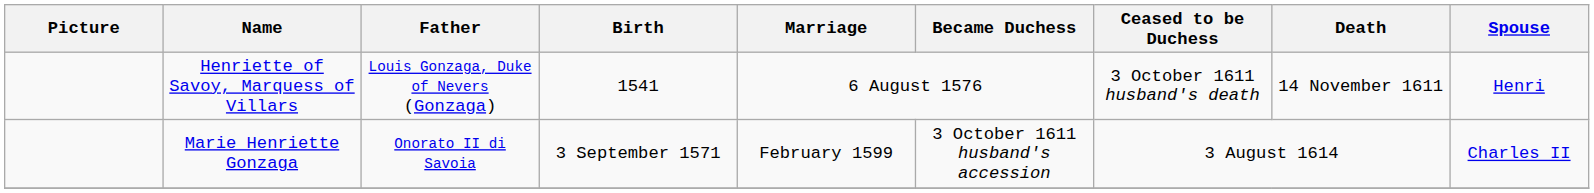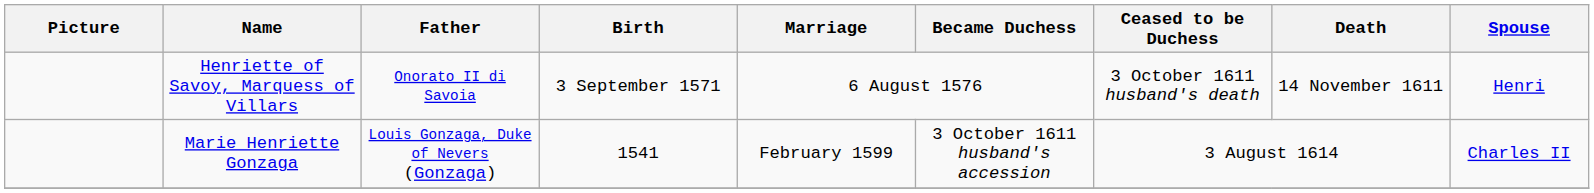 <table width=95% class="wikitable">
 <tr>
 <th width = "8%">Picture</th>
 <th width = "10%">Name</th>
 <th width = "9%">Father</th>
 <th width = "10%">Birth</th>
 <th width = "9%">Marriage</th>
 <th width = "9%">Became Duchess</th>
 <th width = "9%">Ceased to be Duchess</th>
 <th width = "9%">Death</th>
 <th width = "7%"><a href='#'>Spouse</a></th>
 </tr>
 <tr>
 <td align="center"></td>
 <td align="center"><a href='#'>Henriette of Savoy, Marquess of Villars</a></td>
-<td align="center"><small><a href='#'>Louis Gonzaga, Duke of Nevers</a></small><br>(<a href='#'>Gonzaga</a>)</td>
-<td align="center">1541</td>
+<td align="center"><small><a href='#'>Onorato II di Savoia</a></small></td>
+<td align="center">3 September 1571</td>
 <td align="center" colspan="2">6 August 1576</td>
 <td align="center">3 October 1611<br><em>husband's death</em></td>
 <td align="center">14 November 1611</td>
 <td align="center"><a href='#'>Henri</a></td>
 </tr>
 <tr>
 <td align="center"></td>
 <td align="center"><a href='#'>Marie Henriette Gonzaga</a></td>
-<td align="center"><small><a href='#'>Onorato II di Savoia</a></small></td>
-<td align="center">3 September 1571</td>
+<td align="center"><small><a href='#'>Louis Gonzaga, Duke of Nevers</a></small><br>(<a href='#'>Gonzaga</a>)</td>
+<td align="center">1541</td>
 <td align="center">February 1599</td>
 <td align="center">3 October 1611<br><em>husband's accession</em></td>
 <td align="center" colspan="2">3 August 1614</td>
 <td align="center"><a href='#'>Charles II</a></td>
 </tr>
 <tr>
 </tr>
 </table>
